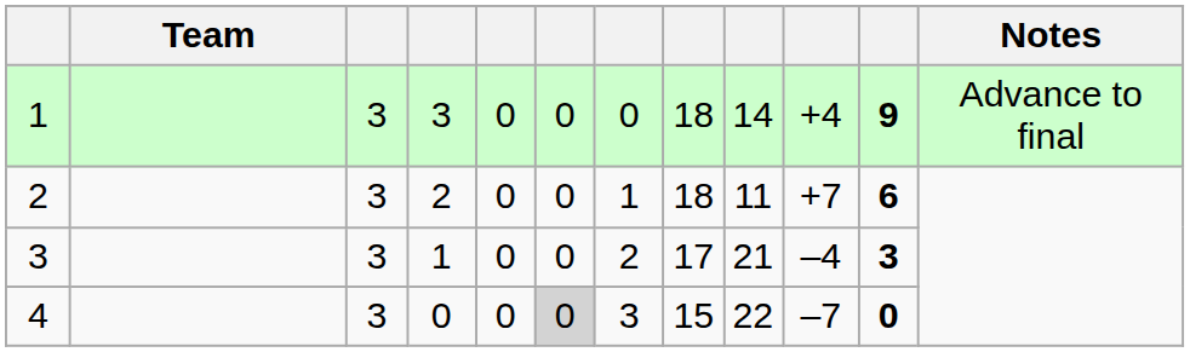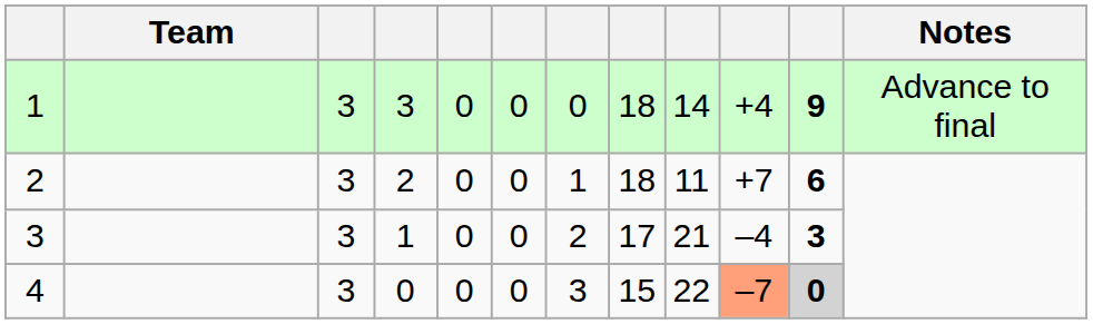 <table class="wikitable" style="text-align: center; font-size: 97%;">
 <tr>
 <th width="20"></th>
 <th width="110">Team</th>
 <th width="18"></th>
 <th width="22"></th>
 <th width="18"></th>
 <th width="18"></th>
 <th width="22"></th>
 <th width="18"></th>
 <th width="18"></th>
 <th width="25"></th>
 <th width="18"></th>
 <th width="105">Notes</th>
 </tr>
 <tr style="background-color: #ccffcc;">
 <td>1</td>
 <td align=left></td>
 <td>3</td>
 <td>3</td>
 <td>0</td>
 <td>0</td>
 <td>0</td>
 <td>18</td>
 <td>14</td>
 <td>+4</td>
 <td><strong>9</strong></td>
 <td>Advance to final</td>
 </tr>
 <tr>
 <td>2</td>
 <td align=left></td>
 <td>3</td>
 <td>2</td>
 <td>0</td>
 <td>0</td>
 <td>1</td>
 <td>18</td>
 <td>11</td>
 <td>+7</td>
 <td><strong>6</strong></td>
 <td rowspan="3"></td>
 </tr>
 <tr>
 <td>3</td>
 <td align=left></td>
 <td>3</td>
 <td>1</td>
 <td>0</td>
 <td>0</td>
 <td>2</td>
 <td>17</td>
 <td>21</td>
 <td>–4</td>
 <td><strong>3</strong></td>
 </tr>
 <tr>
 <td>4</td>
 <td align=left></td>
 <td>3</td>
 <td>0</td>
 <td>0</td>
-<td style="background: lightgrey;">0</td>
+<td>0</td>
 <td>3</td>
 <td>15</td>
 <td>22</td>
-<td>–7</td>
-<td><strong>0</strong></td>
+<td style="background: lightsalmon;">–7</td>
+<td style="background: lightgrey;"><strong>0</strong></td>
 </tr>
 </table>
